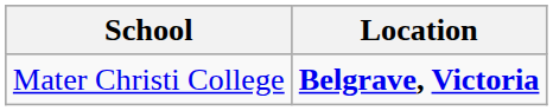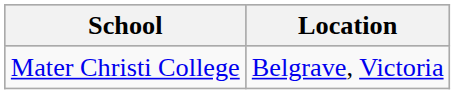 <table class="wikitable" style="text-align:center;">
 <tr class="hintergrundfarbe5">
 <th>School</th>
 <th>Location</th>
 </tr>
 <tr>
 <td><a href='#'>Mater Christi College</a></td>
-<td><strong><a href='#'>Belgrave</a>, <a href='#'>Victoria</a></strong></td>
+<td><a href='#'>Belgrave</a>, <a href='#'>Victoria</a></td>
 </tr>
 </table>
